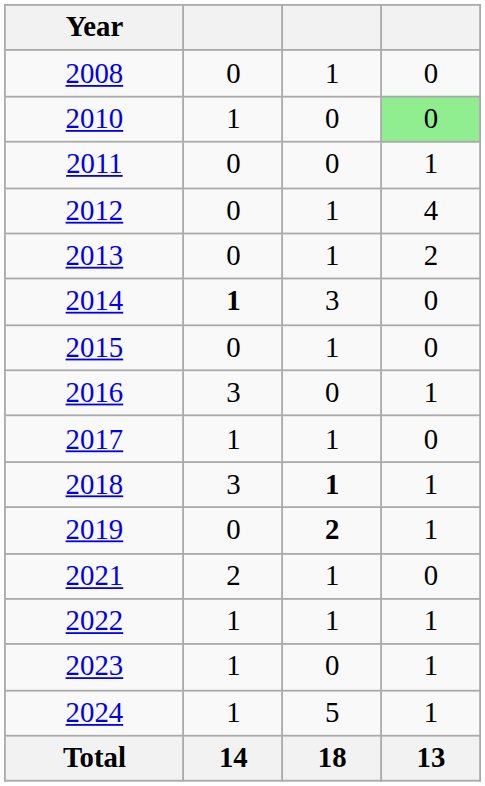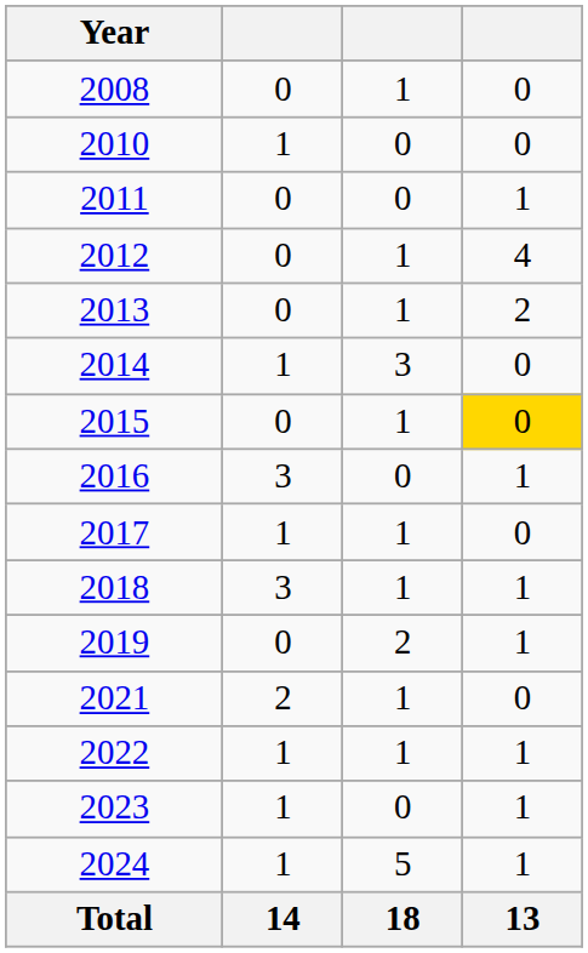 <table class="wikitable" width=30% style="font-size:100%; text-align:center;">
 <tr>
 <th>Year</th>
 <th></th>
 <th></th>
 <th></th>
 </tr>
 <tr>
 <td><a href='#'>2008</a></td>
 <td>0</td>
 <td>1</td>
 <td>0</td>
 </tr>
 <tr>
 <td><a href='#'>2010</a></td>
 <td>1</td>
 <td>0</td>
-<td style="background: lightgreen;">0</td>
+<td>0</td>
 </tr>
 <tr>
 <td><a href='#'>2011</a></td>
 <td>0</td>
 <td>0</td>
 <td>1</td>
 </tr>
 <tr>
 <td><a href='#'>2012</a></td>
 <td>0</td>
 <td>1</td>
 <td>4</td>
 </tr>
 <tr>
 <td><a href='#'>2013</a></td>
 <td>0</td>
 <td>1</td>
 <td>2</td>
 </tr>
 <tr>
 <td><a href='#'>2014</a></td>
-<td><strong>1</strong></td>
+<td>1</td>
 <td>3</td>
 <td>0</td>
 </tr>
 <tr>
 <td><a href='#'>2015</a></td>
 <td>0</td>
 <td>1</td>
-<td>0</td>
+<td style="background: gold;">0</td>
 </tr>
 <tr>
 <td><a href='#'>2016</a></td>
 <td>3</td>
 <td>0</td>
 <td>1</td>
 </tr>
 <tr>
 <td><a href='#'>2017</a></td>
 <td>1</td>
 <td>1</td>
 <td>0</td>
 </tr>
 <tr>
 <td><a href='#'>2018</a></td>
 <td>3</td>
-<td><strong>1</strong></td>
+<td>1</td>
 <td>1</td>
 </tr>
 <tr>
 <td><a href='#'>2019</a></td>
 <td>0</td>
-<td><strong>2</strong></td>
+<td>2</td>
 <td>1</td>
 </tr>
 <tr>
 <td><a href='#'>2021</a></td>
 <td>2</td>
 <td>1</td>
 <td>0</td>
 </tr>
 <tr>
 <td><a href='#'>2022</a></td>
 <td>1</td>
 <td>1</td>
 <td>1</td>
 </tr>
 <tr>
 <td><a href='#'>2023</a></td>
 <td>1</td>
 <td>0</td>
 <td>1</td>
 </tr>
 <tr>
 <td><a href='#'>2024</a></td>
 <td>1</td>
 <td>5</td>
 <td>1</td>
 </tr>
 <tr>
 <th>Total</th>
 <th>14</th>
 <th>18</th>
 <th>13</th>
 </tr>
 </table>
